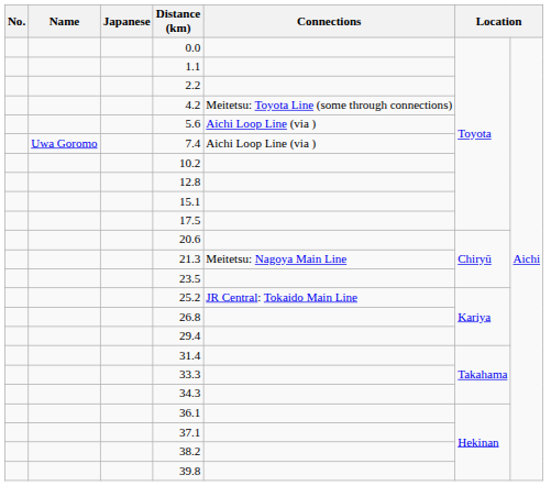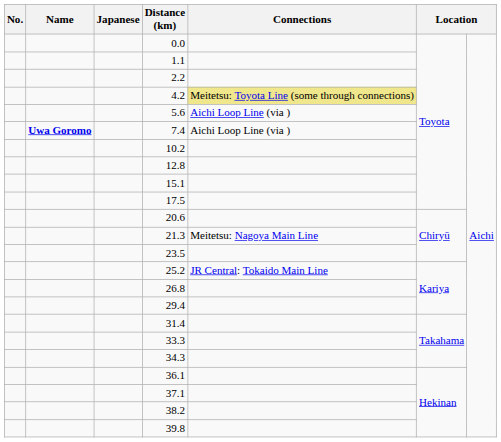 <table class="wikitable">
 <tr>
 <th>No.</th>
 <th>Name</th>
 <th>Japanese</th>
 <th>Distance<br>(km)</th>
 <th>Connections</th>
 <th colspan=2>Location</th>
 </tr>
 <tr>
 <td></td>
 <td></td>
 <td></td>
 <td align=right>0.0</td>
 <td></td>
 <td rowspan=10><a href='#'>Toyota</a></td>
 <td rowspan=23><a href='#'>Aichi</a></td>
 </tr>
 <tr>
 <td></td>
 <td></td>
 <td></td>
 <td align=right>1.1</td>
 <td></td>
 </tr>
 <tr>
 <td></td>
 <td></td>
 <td></td>
 <td align=right>2.2</td>
 <td></td>
 </tr>
 <tr>
 <td></td>
 <td></td>
 <td></td>
 <td align=right>4.2</td>
-<td> Meitetsu:  <a href='#'>Toyota Line</a> (some through connections)</td>
+<td style="background: khaki;"> Meitetsu:  <a href='#'>Toyota Line</a> (some through connections)</td>
 </tr>
 <tr>
 <td></td>
 <td></td>
 <td></td>
 <td align=right>5.6</td>
 <td> <a href='#'>Aichi Loop Line</a> (via )</td>
 </tr>
 <tr>
 <td></td>
-<td><a href='#'>Uwa Goromo</a></td>
+<td><strong><a href='#'>Uwa Goromo</a></strong></td>
 <td></td>
 <td align=right>7.4</td>
 <td> Aichi Loop Line (via )</td>
 </tr>
 <tr>
 <td></td>
 <td></td>
 <td></td>
 <td align=right>10.2</td>
 <td></td>
 </tr>
 <tr>
 <td></td>
 <td></td>
 <td></td>
 <td align=right>12.8</td>
 <td></td>
 </tr>
 <tr>
 <td></td>
 <td></td>
 <td></td>
 <td align=right>15.1</td>
 <td></td>
 </tr>
 <tr>
 <td></td>
 <td></td>
 <td></td>
 <td align=right>17.5</td>
 <td></td>
 </tr>
 <tr>
 <td></td>
 <td></td>
 <td></td>
 <td align=right>20.6</td>
 <td></td>
 <td rowspan=3><a href='#'>Chiryū</a></td>
 </tr>
 <tr>
 <td></td>
 <td></td>
 <td></td>
 <td align=right>21.3</td>
 <td> Meitetsu:  <a href='#'>Nagoya Main Line</a></td>
 </tr>
 <tr>
 <td></td>
 <td></td>
 <td></td>
 <td align=right>23.5</td>
 <td></td>
 </tr>
 <tr>
 <td></td>
 <td></td>
 <td></td>
 <td align=right>25.2</td>
 <td> <a href='#'>JR Central</a>:  <a href='#'>Tokaido Main Line</a></td>
 <td rowspan=3><a href='#'>Kariya</a></td>
 </tr>
 <tr>
 <td></td>
 <td></td>
 <td></td>
 <td align=right>26.8</td>
 <td></td>
 </tr>
 <tr>
 <td></td>
 <td></td>
 <td></td>
 <td align=right>29.4</td>
 <td></td>
 </tr>
 <tr>
 <td></td>
 <td></td>
 <td></td>
 <td align=right>31.4</td>
 <td></td>
 <td rowspan=3><a href='#'>Takahama</a></td>
 </tr>
 <tr>
 <td></td>
 <td></td>
 <td></td>
 <td align=right>33.3</td>
 <td></td>
 </tr>
 <tr>
 <td></td>
 <td></td>
 <td></td>
 <td align=right>34.3</td>
 <td></td>
 </tr>
 <tr>
 <td></td>
 <td></td>
 <td></td>
 <td align=right>36.1</td>
 <td></td>
 <td rowspan=4><a href='#'>Hekinan</a></td>
 </tr>
 <tr>
 <td></td>
 <td></td>
 <td></td>
 <td align=right>37.1</td>
 <td></td>
 </tr>
 <tr>
 <td></td>
 <td></td>
 <td></td>
 <td align=right>38.2</td>
 <td></td>
 </tr>
 <tr>
 <td></td>
 <td></td>
 <td></td>
 <td align=right>39.8</td>
 <td></td>
 </tr>
 </table>
